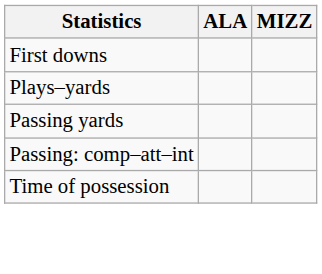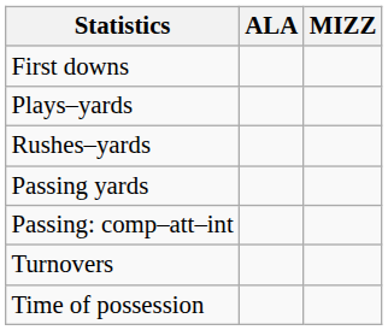 <table class="wikitable" style="float:left">
 <tr>
 <th>Statistics</th>
 <th>ALA</th>
 <th>MIZZ</th>
 </tr>
 <tr>
 <td>First downs</td>
 <td></td>
 <td></td>
 </tr>
 <tr>
 <td>Plays–yards</td>
 <td></td>
 <td></td>
 </tr>
 <tr>
+<td>Rushes–yards</td>
+<td></td>
+<td></td>
+</tr>
+<tr>
 <td>Passing yards</td>
 <td></td>
 <td></td>
 </tr>
 <tr>
 <td>Passing: comp–att–int</td>
 <td></td>
 <td></td>
 </tr>
 <tr>
+<td>Turnovers</td>
+<td></td>
+<td></td>
+</tr>
+<tr>
 <td>Time of possession</td>
 <td></td>
 <td></td>
 </tr>
 </table>
